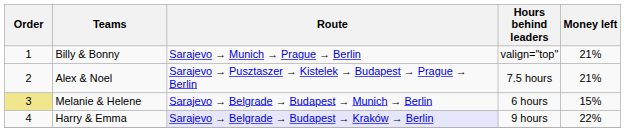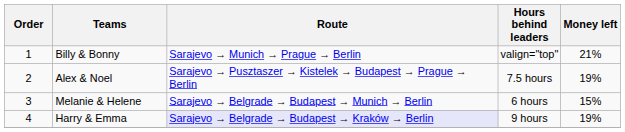 <table class="wikitable sortable" style="text-align:center">
 <tr>
 <th style="width:4em">Order</th>
 <th style="width:10em">Teams</th>
 <th style="width:30em">Route</th>
 <th style="width:5em">Hours behind leaders</th>
 <th style="width:5em">Money left</th>
 </tr>
 <tr>
 <td>1</td>
 <td style="text-align:left">Billy & Bonny</td>
 <td style="text-align:left"><a href='#'>Sarajevo</a>  → <a href='#'>Munich</a>   → <a href='#'>Prague</a>   → <a href='#'>Berlin</a></td>
 <td>valign="top" </td>
 <td>21%</td>
 </tr>
 <tr>
 <td>2</td>
 <td style="text-align:left">Alex & Noel</td>
 <td style="text-align:left"><a href='#'>Sarajevo</a>   → <a href='#'>Pusztaszer</a>  → <a href='#'>Kistelek</a>  → <a href='#'>Budapest</a>  → <a href='#'>Prague</a>  → <a href='#'>Berlin</a></td>
 <td>7.5 hours</td>
-<td>21%</td>
+<td>19%</td>
 </tr>
 <tr>
-<td style="background: khaki;">3</td>
+<td>3</td>
 <td style="text-align:left">Melanie & Helene</td>
 <td style="text-align:left"><a href='#'>Sarajevo</a>  → <a href='#'>Belgrade</a>  → <a href='#'>Budapest</a>    → <a href='#'>Munich</a>  → <a href='#'>Berlin</a></td>
 <td>6 hours</td>
 <td>15%</td>
 </tr>
 <tr>
 <td>4</td>
 <td style="text-align:left">Harry & Emma</td>
 <td style="background: lavender; text-align:left"><a href='#'>Sarajevo</a>  → <a href='#'>Belgrade</a>  → <a href='#'>Budapest</a>   → <a href='#'>Kraków</a>  → <a href='#'>Berlin</a></td>
 <td>9 hours</td>
-<td>22%</td>
+<td>19%</td>
 </tr>
 <tr>
 </tr>
 </table>
